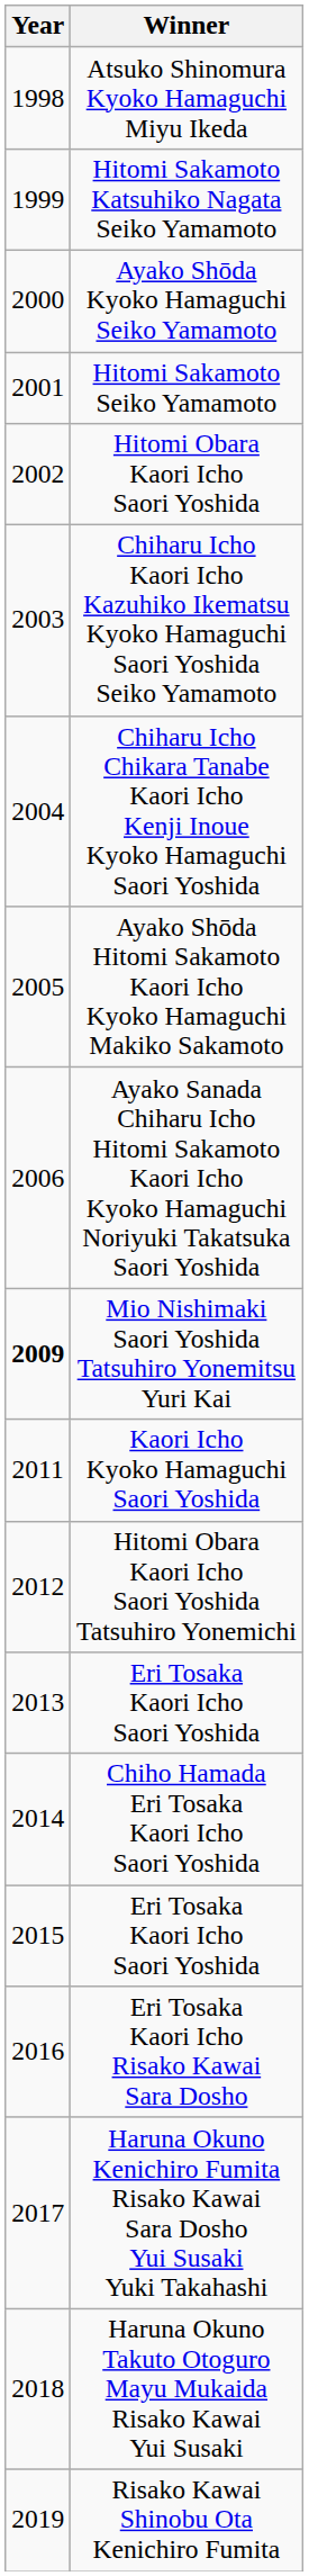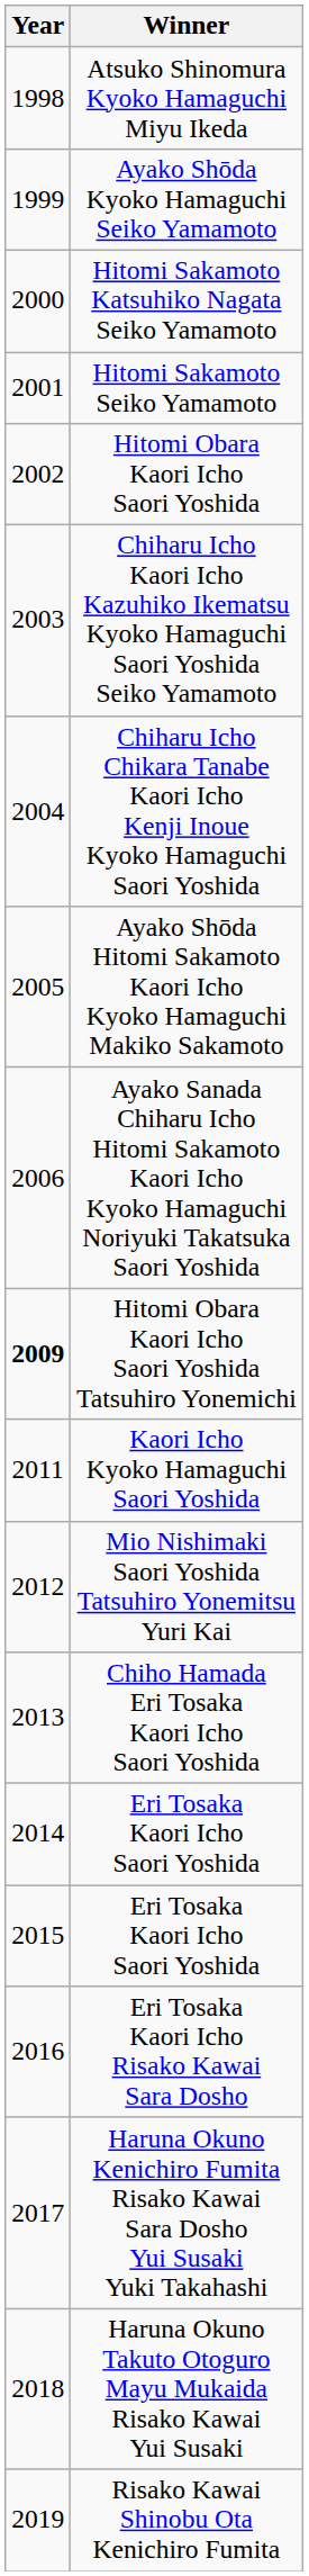 <table class="wikitable sortable" style="text-align: center">
 <tr>
 <th>Year</th>
 <th>Winner</th>
 </tr>
 <tr>
 <td>1998</td>
 <td>Atsuko Shinomura<br><a href='#'>Kyoko Hamaguchi</a><br>Miyu Ikeda</td>
 </tr>
 <tr>
 <td>1999</td>
-<td><a href='#'>Hitomi Sakamoto</a><br><a href='#'>Katsuhiko Nagata</a><br>Seiko Yamamoto</td>
+<td><a href='#'>Ayako Shōda</a><br>Kyoko Hamaguchi<br><a href='#'>Seiko Yamamoto</a></td>
 </tr>
 <tr>
 <td>2000</td>
-<td><a href='#'>Ayako Shōda</a><br>Kyoko Hamaguchi<br><a href='#'>Seiko Yamamoto</a></td>
+<td><a href='#'>Hitomi Sakamoto</a><br><a href='#'>Katsuhiko Nagata</a><br>Seiko Yamamoto</td>
 </tr>
 <tr>
 <td>2001</td>
 <td><a href='#'>Hitomi Sakamoto</a><br>Seiko Yamamoto</td>
 </tr>
 <tr>
 <td>2002</td>
 <td><a href='#'>Hitomi Obara</a><br>Kaori Icho<br>Saori Yoshida</td>
 </tr>
 <tr>
 <td>2003</td>
 <td><a href='#'>Chiharu Icho</a><br>Kaori Icho<br><a href='#'>Kazuhiko Ikematsu</a><br>Kyoko Hamaguchi<br>Saori Yoshida<br>Seiko Yamamoto</td>
 </tr>
 <tr>
 <td>2004</td>
 <td><a href='#'>Chiharu Icho</a><br><a href='#'>Chikara Tanabe</a><br>Kaori Icho<br><a href='#'>Kenji Inoue</a><br>Kyoko Hamaguchi<br>Saori Yoshida</td>
 </tr>
 <tr>
 <td>2005</td>
 <td>Ayako Shōda<br>Hitomi Sakamoto<br>Kaori Icho<br>Kyoko Hamaguchi<br>Makiko Sakamoto</td>
 </tr>
 <tr>
 <td>2006</td>
 <td>Ayako Sanada<br>Chiharu Icho<br>Hitomi Sakamoto<br>Kaori Icho<br>Kyoko Hamaguchi<br>Noriyuki Takatsuka<br>Saori Yoshida</td>
 </tr>
 <tr>
 <td><strong>2009</strong></td>
-<td><a href='#'>Mio Nishimaki</a><br>Saori Yoshida<br><a href='#'>Tatsuhiro Yonemitsu</a><br>Yuri Kai</td>
+<td>Hitomi Obara<br>Kaori Icho<br>Saori Yoshida<br>Tatsuhiro Yonemichi</td>
 </tr>
 <tr>
 <td>2011</td>
 <td><a href='#'>Kaori Icho</a><br>Kyoko Hamaguchi<br><a href='#'>Saori Yoshida</a></td>
 </tr>
 <tr>
 <td>2012</td>
-<td>Hitomi Obara<br>Kaori Icho<br>Saori Yoshida<br>Tatsuhiro Yonemichi</td>
+<td><a href='#'>Mio Nishimaki</a><br>Saori Yoshida<br><a href='#'>Tatsuhiro Yonemitsu</a><br>Yuri Kai</td>
 </tr>
 <tr>
 <td>2013</td>
-<td><a href='#'>Eri Tosaka</a><br>Kaori Icho<br>Saori Yoshida</td>
+<td><a href='#'>Chiho Hamada</a><br>Eri Tosaka<br>Kaori Icho<br>Saori Yoshida</td>
 </tr>
 <tr>
 <td>2014</td>
-<td><a href='#'>Chiho Hamada</a><br>Eri Tosaka<br>Kaori Icho<br>Saori Yoshida</td>
+<td><a href='#'>Eri Tosaka</a><br>Kaori Icho<br>Saori Yoshida</td>
 </tr>
 <tr>
 <td>2015</td>
 <td>Eri Tosaka<br>Kaori Icho<br>Saori Yoshida</td>
 </tr>
 <tr>
 <td>2016</td>
 <td>Eri Tosaka<br>Kaori Icho<br><a href='#'>Risako Kawai</a><br><a href='#'>Sara Dosho</a></td>
 </tr>
 <tr>
 <td>2017</td>
 <td><a href='#'>Haruna Okuno</a><br><a href='#'>Kenichiro Fumita</a><br>Risako Kawai<br>Sara Dosho<br><a href='#'>Yui Susaki</a><br>Yuki Takahashi</td>
 </tr>
 <tr>
 <td>2018</td>
 <td>Haruna Okuno<br><a href='#'>Takuto Otoguro</a><br><a href='#'>Mayu Mukaida</a><br>Risako Kawai<br>Yui Susaki</td>
 </tr>
 <tr>
 <td>2019</td>
 <td>Risako Kawai<br><a href='#'>Shinobu Ota</a><br>Kenichiro Fumita</td>
 </tr>
 </table>
